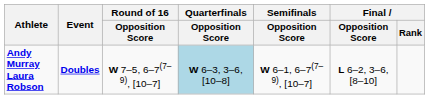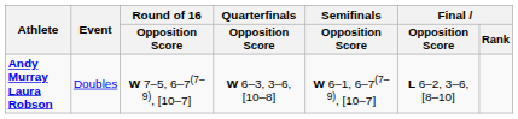 <table class=wikitable style="text-align:center; font-size:90%">
 <tr>
 <th rowspan="2">Athlete</th>
 <th rowspan="2">Event</th>
 <th>Round of 16</th>
 <th>Quarterfinals</th>
 <th>Semifinals</th>
 <th colspan=2>Final / </th>
 </tr>
 <tr style="font-size:95%">
 <th>Opposition<br>Score</th>
 <th>Opposition<br>Score</th>
 <th>Opposition<br>Score</th>
 <th>Opposition<br>Score</th>
 <th>Rank</th>
 </tr>
 <tr>
 <td style="text-align:left;"><strong><a href='#'>Andy Murray</a><br><a href='#'>Laura Robson</a></strong></td>
-<td style="text-align:left;"><strong><a href='#'>Doubles</a></strong></td>
+<td style="text-align:left;"><a href='#'>Doubles</a></td>
 <td><br><strong>W</strong> 7–5, 6–7<sup>(7–9)</sup>, [10–7]</td>
-<td style="background: lightblue;"><br><strong>W</strong> 6–3, 3–6, [10–8]</td>
+<td><br><strong>W</strong> 6–3, 3–6, [10–8]</td>
 <td><br><strong>W</strong> 6–1, 6–7<sup>(7–9)</sup>, [10–7]</td>
 <td><br><strong>L</strong> 6–2, 3–6, [8–10]</td>
 <td></td>
 </tr>
 </table>
